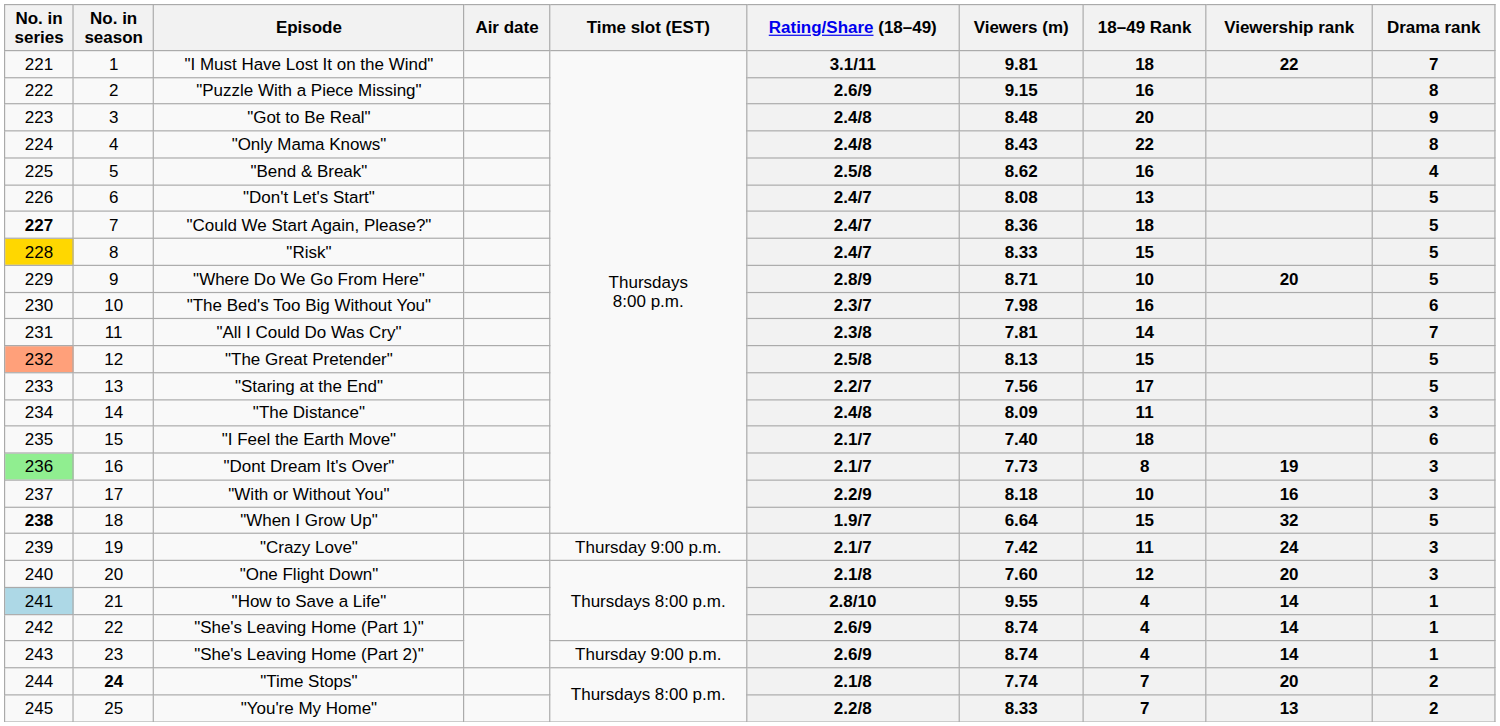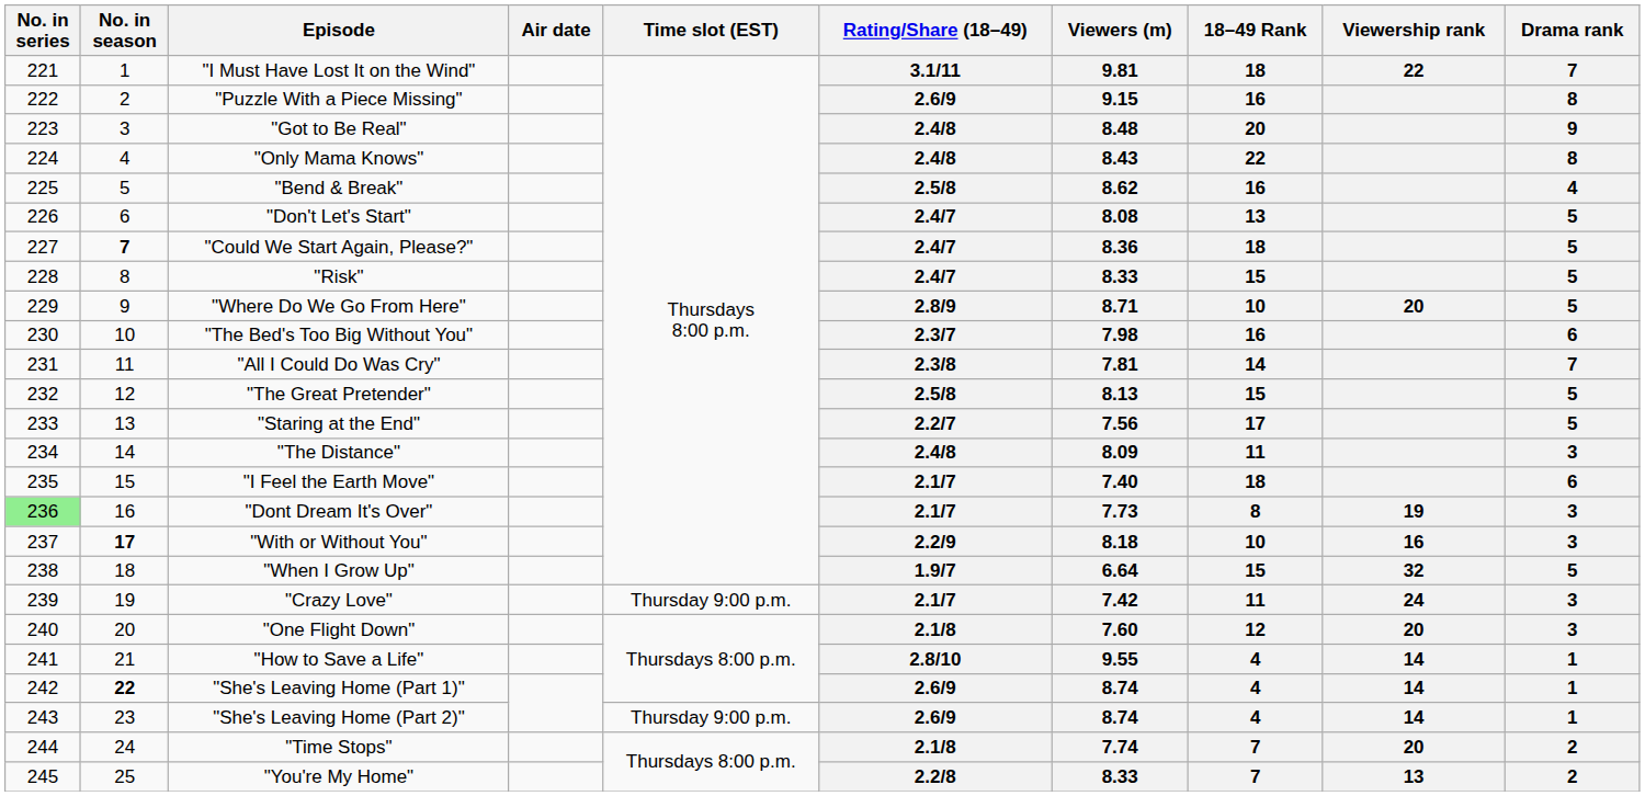 <table class="wikitable" style="font-size:90%; text-align:center; width: 100%; margin-left: auto; margin-right: auto;">
 <tr>
 <th>No. in<br>series</th>
 <th>No. in<br>season</th>
 <th>Episode</th>
 <th>Air date</th>
 <th>Time slot (EST)</th>
 <th><a href='#'>Rating/Share</a> (18–49)</th>
 <th>Viewers (m)</th>
 <th>18–49 Rank</th>
 <th>Viewership rank</th>
 <th>Drama rank</th>
 </tr>
 <tr>
 <td style="text-align:center">221</td>
 <td style="text-align:center">1</td>
 <td>"I Must Have Lost It on the Wind"</td>
 <td></td>
 <td style="text-align:center" rowspan=18>Thursdays<br>8:00 p.m.</td>
 <th>3.1/11</th>
 <th>9.81</th>
 <th>18</th>
 <th>22</th>
 <th>7</th>
 </tr>
 <tr>
 <td style="text-align:center">222</td>
 <td style="text-align:center">2</td>
 <td>"Puzzle With a Piece Missing"</td>
 <td></td>
 <th>2.6/9</th>
 <th>9.15</th>
 <th>16</th>
 <th></th>
 <th>8</th>
 </tr>
 <tr>
 <td style="text-align:center">223</td>
 <td style="text-align:center">3</td>
 <td>"Got to Be Real"</td>
 <td></td>
 <th>2.4/8</th>
 <th>8.48</th>
 <th>20</th>
 <th></th>
 <th>9</th>
 </tr>
 <tr>
 <td style="text-align:center">224</td>
 <td style="text-align:center">4</td>
 <td>"Only Mama Knows"</td>
 <td></td>
 <th>2.4/8</th>
 <th>8.43</th>
 <th>22</th>
 <th></th>
 <th>8</th>
 </tr>
 <tr>
 <td style="text-align:center">225</td>
 <td style="text-align:center">5</td>
 <td>"Bend & Break"</td>
 <td></td>
 <th>2.5/8</th>
 <th>8.62</th>
 <th>16</th>
 <th></th>
 <th>4</th>
 </tr>
 <tr>
 <td style="text-align:center">226</td>
 <td style="text-align:center">6</td>
 <td>"Don't Let's Start"</td>
 <td></td>
 <th>2.4/7</th>
 <th>8.08</th>
 <th>13</th>
 <th></th>
 <th>5</th>
 </tr>
 <tr>
-<td style="text-align:center"><strong>227</strong></td>
-<td style="text-align:center">7</td>
+<td style="text-align:center">227</td>
+<td style="text-align:center"><strong>7</strong></td>
 <td>"Could We Start Again, Please?"</td>
 <td></td>
 <th>2.4/7</th>
 <th>8.36</th>
 <th>18</th>
 <th></th>
 <th>5</th>
 </tr>
 <tr>
-<td style="background: gold; text-align:center">228</td>
+<td style="text-align:center">228</td>
 <td style="text-align:center">8</td>
 <td>"Risk"</td>
 <td></td>
 <th>2.4/7</th>
 <th>8.33</th>
 <th>15</th>
 <th></th>
 <th>5</th>
 </tr>
 <tr>
 <td style="text-align:center">229</td>
 <td style="text-align:center">9</td>
 <td>"Where Do We Go From Here"</td>
 <td></td>
 <th>2.8/9</th>
 <th>8.71</th>
 <th>10</th>
 <th>20</th>
 <th>5</th>
 </tr>
 <tr>
 <td style="text-align:center">230</td>
 <td style="text-align:center">10</td>
 <td>"The Bed's Too Big Without You"</td>
 <td></td>
 <th>2.3/7</th>
 <th>7.98</th>
 <th>16</th>
 <th></th>
 <th>6</th>
 </tr>
 <tr>
 <td style="text-align:center">231</td>
 <td style="text-align:center">11</td>
 <td>"All I Could Do Was Cry"</td>
 <td></td>
 <th>2.3/8</th>
 <th>7.81</th>
 <th>14</th>
 <th></th>
 <th>7</th>
 </tr>
 <tr>
-<td style="background: lightsalmon; text-align:center">232</td>
+<td style="text-align:center">232</td>
 <td style="text-align:center">12</td>
 <td>"The Great Pretender"</td>
 <td></td>
 <th>2.5/8</th>
 <th>8.13</th>
 <th>15</th>
 <th></th>
 <th>5</th>
 </tr>
 <tr>
 <td style="text-align:center">233</td>
 <td style="text-align:center">13</td>
 <td>"Staring at the End"</td>
 <td></td>
 <th>2.2/7</th>
 <th>7.56</th>
 <th>17</th>
 <th></th>
 <th>5</th>
 </tr>
 <tr>
 <td style="text-align:center">234</td>
 <td style="text-align:center">14</td>
 <td>"The Distance"</td>
 <td></td>
 <th>2.4/8</th>
 <th>8.09</th>
 <th>11</th>
 <th></th>
 <th>3</th>
 </tr>
 <tr>
 <td style="text-align:center">235</td>
 <td style="text-align:center">15</td>
 <td>"I Feel the Earth Move"</td>
 <td></td>
 <th>2.1/7</th>
 <th>7.40</th>
 <th>18</th>
 <th></th>
 <th>6</th>
 </tr>
 <tr>
 <td style="background: lightgreen; text-align:center">236</td>
 <td style="text-align:center">16</td>
 <td>"Dont Dream It's Over"</td>
 <td></td>
 <th>2.1/7</th>
 <th>7.73</th>
 <th>8</th>
 <th>19</th>
 <th>3</th>
 </tr>
 <tr>
 <td style="text-align:center">237</td>
-<td style="text-align:center">17</td>
+<td style="text-align:center"><strong>17</strong></td>
 <td>"With or Without You"</td>
 <td></td>
 <th>2.2/9</th>
 <th>8.18</th>
 <th>10</th>
 <th>16</th>
 <th>3</th>
 </tr>
 <tr>
-<td style="text-align:center"><strong>238</strong></td>
+<td style="text-align:center">238</td>
 <td style="text-align:center">18</td>
 <td>"When I Grow Up"</td>
 <td></td>
 <th>1.9/7</th>
 <th>6.64</th>
 <th>15</th>
 <th>32</th>
 <th>5</th>
 </tr>
 <tr>
 <td style="text-align:center">239</td>
 <td style="text-align:center">19</td>
 <td>"Crazy Love"</td>
 <td></td>
 <td style="text-align:center">Thursday 9:00 p.m.</td>
 <th>2.1/7</th>
 <th>7.42</th>
 <th>11</th>
 <th>24</th>
 <th>3</th>
 </tr>
 <tr>
 <td style="text-align:center">240</td>
 <td style="text-align:center">20</td>
 <td>"One Flight Down"</td>
 <td></td>
 <td style="text-align:center" rowspan=3>Thursdays 8:00 p.m.</td>
 <th>2.1/8</th>
 <th>7.60</th>
 <th>12</th>
 <th>20</th>
 <th>3</th>
 </tr>
 <tr>
-<td style="background: lightblue; text-align:center">241</td>
+<td style="text-align:center">241</td>
 <td style="text-align:center">21</td>
 <td>"How to Save a Life"</td>
 <td></td>
 <th>2.8/10</th>
 <th>9.55</th>
 <th>4</th>
 <th>14</th>
 <th>1</th>
 </tr>
 <tr>
 <td style="text-align:center">242</td>
-<td style="text-align:center">22</td>
+<td style="text-align:center"><strong>22</strong></td>
 <td>"She's Leaving Home (Part 1)"</td>
 <td rowspan=2></td>
 <th>2.6/9</th>
 <th>8.74</th>
 <th>4</th>
 <th>14</th>
 <th>1</th>
 </tr>
 <tr>
 <td style="text-align:center">243</td>
 <td style="text-align:center">23</td>
 <td>"She's Leaving Home (Part 2)"</td>
 <td style="text-align:center" rowspan=1>Thursday 9:00 p.m.</td>
 <th>2.6/9</th>
 <th>8.74</th>
 <th>4</th>
 <th>14</th>
 <th>1</th>
 </tr>
 <tr>
 <td style="text-align:center">244</td>
-<td style="text-align:center"><strong>24</strong></td>
+<td style="text-align:center">24</td>
 <td>"Time Stops"</td>
 <td></td>
 <td style="text-align:center" rowspan=2>Thursdays 8:00 p.m.</td>
 <th>2.1/8</th>
 <th>7.74</th>
 <th>7</th>
 <th>20</th>
 <th>2</th>
 </tr>
 <tr>
 <td style="text-align:center">245</td>
 <td style="text-align:center">25</td>
 <td>"You're My Home"</td>
 <td></td>
 <th>2.2/8</th>
 <th>8.33</th>
 <th>7</th>
 <th>13</th>
 <th>2</th>
 </tr>
 </table>
